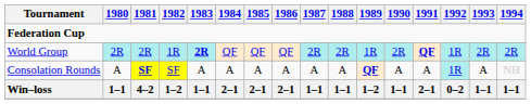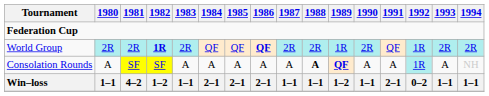 <table class=wikitable style=text-align:center;font-size:90%>
 <tr>
 <th>Tournament</th>
 <th><a href='#'>1980</a></th>
 <th><a href='#'>1981</a></th>
 <th><a href='#'>1982</a></th>
 <th><a href='#'>1983</a></th>
 <th><a href='#'>1984</a></th>
 <th><a href='#'>1985</a></th>
 <th><a href='#'>1986</a></th>
 <th><a href='#'>1987</a></th>
 <th><a href='#'>1988</a></th>
 <th><a href='#'>1989</a></th>
 <th><a href='#'>1990</a></th>
 <th><a href='#'>1991</a></th>
 <th><a href='#'>1992</a></th>
 <th><a href='#'>1993</a></th>
 <th><a href='#'>1994</a></th>
 </tr>
 <tr>
 <td colspan=40 align=left><strong>Federation Cup</strong></td>
 </tr>
 <tr>
 <td align=left><a href='#'>World Group</a></td>
 <td bgcolor=afeeee><a href='#'>2R</a></td>
 <td bgcolor=afeeee><a href='#'>2R</a></td>
-<td bgcolor=afeeee><a href='#'>1R</a></td>
-<td bgcolor=afeeee><strong><a href='#'>2R</a></strong></td>
+<td bgcolor=afeeee><strong><a href='#'>1R</a></strong></td>
+<td bgcolor=afeeee><a href='#'>2R</a></td>
 <td bgcolor=ffebcd><a href='#'>QF</a></td>
 <td bgcolor=ffebcd><a href='#'>QF</a></td>
-<td bgcolor=ffebcd><a href='#'>QF</a></td>
+<td bgcolor=ffebcd><strong><a href='#'>QF</a></strong></td>
 <td bgcolor=afeeee><a href='#'>2R</a></td>
 <td bgcolor=afeeee><a href='#'>2R</a></td>
 <td bgcolor=afeeee><a href='#'>1R</a></td>
 <td bgcolor=afeeee><a href='#'>2R</a></td>
-<td bgcolor=ffebcd><strong><a href='#'>QF</a></strong></td>
+<td bgcolor=ffebcd><a href='#'>QF</a></td>
 <td bgcolor=afeeee><a href='#'>1R</a></td>
 <td bgcolor=afeeee><a href='#'>2R</a></td>
 <td bgcolor=afeeee><a href='#'>2R</a></td>
 </tr>
 <tr>
 <td align=left><a href='#'>Consolation Rounds</a></td>
 <td>A</td>
-<td bgcolor=yellow><strong><a href='#'>SF</a></strong></td>
+<td bgcolor=yellow><a href='#'>SF</a></td>
 <td bgcolor=yellow><a href='#'>SF</a></td>
 <td>A</td>
 <td>A</td>
 <td>A</td>
 <td>A</td>
 <td>A</td>
-<td>A</td>
+<td><strong>A</strong></td>
 <td bgcolor=ffebcd><strong><a href='#'>QF</a></strong></td>
 <td>A</td>
 <td>A</td>
 <td bgcolor=afeeee><a href='#'>1R</a></td>
 <td>A</td>
 <td style=color:#ccc>NH</td>
 </tr>
 <tr>
 <th style=text-align:left>Win–loss</th>
 <th>1–1</th>
 <th>4–2</th>
 <th>1–2</th>
 <th>1–1</th>
 <th>2–1</th>
 <th>2–1</th>
 <th>2–1</th>
 <th>1–1</th>
 <th>1–1</th>
 <th>1–2</th>
 <th>1–1</th>
 <th>2–1</th>
 <th>0–2</th>
 <th>1–1</th>
 <th>1–1</th>
 </tr>
 <tr>
 </tr>
 </table>
